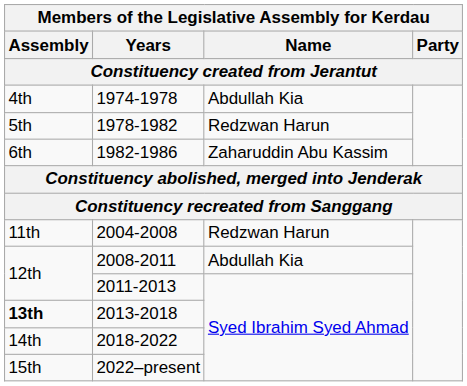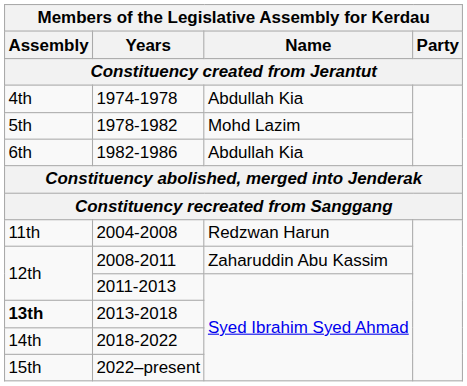 <table class="wikitable">
 <tr>
 <th colspan="4">Members of the Legislative Assembly for Kerdau</th>
 </tr>
 <tr>
 <th>Assembly</th>
 <th>Years</th>
 <th>Name</th>
 <th>Party</th>
 </tr>
 <tr>
 <th colspan="4"><em>Constituency created from Jerantut</em></th>
 </tr>
 <tr>
 <td>4th</td>
 <td>1974-1978</td>
 <td>Abdullah Kia</td>
 <td rowspan="3"></td>
 </tr>
 <tr>
 <td>5th</td>
 <td>1978-1982</td>
-<td>Redzwan Harun</td>
+<td>Mohd Lazim</td>
 </tr>
 <tr>
 <td>6th</td>
 <td>1982-1986</td>
-<td>Zaharuddin Abu Kassim</td>
+<td>Abdullah Kia</td>
 </tr>
 <tr>
 <th colspan="4"><em>Constituency abolished, merged into Jenderak</em></th>
 </tr>
 <tr>
 <th colspan="4"><em>Constituency recreated from Sanggang</em></th>
 </tr>
 <tr>
 <td>11th</td>
 <td>2004-2008</td>
 <td>Redzwan Harun</td>
 <td rowspan="6"></td>
 </tr>
 <tr>
 <td rowspan="2">12th</td>
 <td>2008-2011</td>
-<td>Abdullah Kia</td>
+<td>Zaharuddin Abu Kassim</td>
 </tr>
 <tr>
 <td>2011-2013</td>
 <td rowspan="4"><a href='#'>Syed Ibrahim Syed Ahmad</a></td>
 </tr>
 <tr>
 <td><strong>13th</strong></td>
 <td>2013-2018</td>
 </tr>
 <tr>
 <td>14th</td>
 <td>2018-2022</td>
 </tr>
 <tr>
 <td>15th</td>
 <td>2022–present</td>
 </tr>
 </table>
